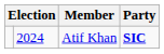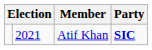 <table class="wikitable">
 <tr>
 <th colspan="2">Election</th>
 <th>Member</th>
 <th>Party</th>
 </tr>
 <tr>
 <td style="background-color: "></td>
-<td><a href='#'>2024</a></td>
+<td><a href='#'>2021</a></td>
 <td><a href='#'>Atif Khan</a></td>
 <td><strong><a href='#'>SIC</a></strong></td>
 </tr>
 </table>
